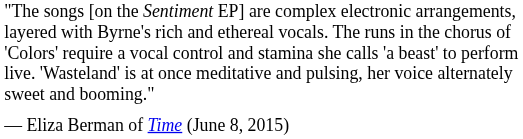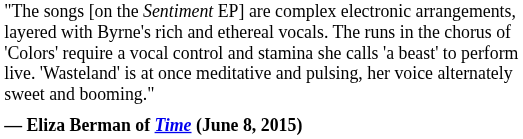 <table class="toccolours" style="float: right; margin-left: 2em; margin-right: 0em; font-size: 85%; background:offwhite; color:black; width:30em; max-width: 40%;" cellspacing="5">
 <tr>
 <td style="text-align: left;">"The songs [on the <em>Sentiment</em> EP] are complex electronic arrangements, layered with Byrne's rich and ethereal vocals. The runs in the chorus of 'Colors' require a vocal control and stamina she calls 'a beast' to perform live. 'Wasteland' is at once meditative and pulsing, her voice alternately sweet and booming."</td>
 </tr>
 <tr>
-<td style="text-align: left;">— Eliza Berman of <em><a href='#'>Time</a></em> (June 8, 2015)</td>
+<td style="text-align: left;"><strong>— Eliza Berman of <em><a href='#'>Time</a></em> (June 8, 2015)</strong></td>
 </tr>
 </table>
